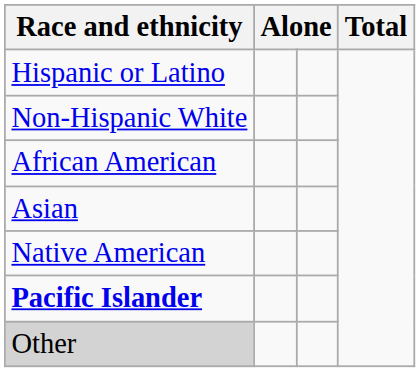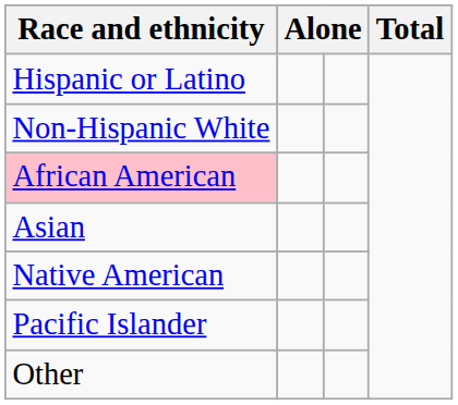 <table class="wikitable sortable collapsible" ; text-align:right; font-size:80%;">
 <tr>
 <th>Race and ethnicity</th>
 <th colspan="2" data-sort-type="number">Alone</th>
 <th colspan="2" data-sort-type="number">Total</th>
 </tr>
 <tr>
 <td><a href='#'>Hispanic or Latino</a></td>
 <td align=right></td>
 <td align=right></td>
 </tr>
 <tr>
 <td><a href='#'>Non-Hispanic White</a></td>
 <td align=right></td>
 <td align=right></td>
 </tr>
 <tr>
-<td><a href='#'>African American</a></td>
+<td style="background: pink;"><a href='#'>African American</a></td>
 <td align=right></td>
 <td align=right></td>
 </tr>
 <tr>
 <td><a href='#'>Asian</a></td>
 <td align=right></td>
 <td align=right></td>
 </tr>
 <tr>
 <td><a href='#'>Native American</a></td>
 <td align=right></td>
 <td align=right></td>
 </tr>
 <tr>
-<td><strong><a href='#'>Pacific Islander</a></strong></td>
+<td><a href='#'>Pacific Islander</a></td>
 <td align=right></td>
 <td align=right></td>
 </tr>
 <tr>
-<td style="background: lightgrey;">Other</td>
+<td>Other</td>
 <td align=right></td>
 <td align=right></td>
 </tr>
 </table>
